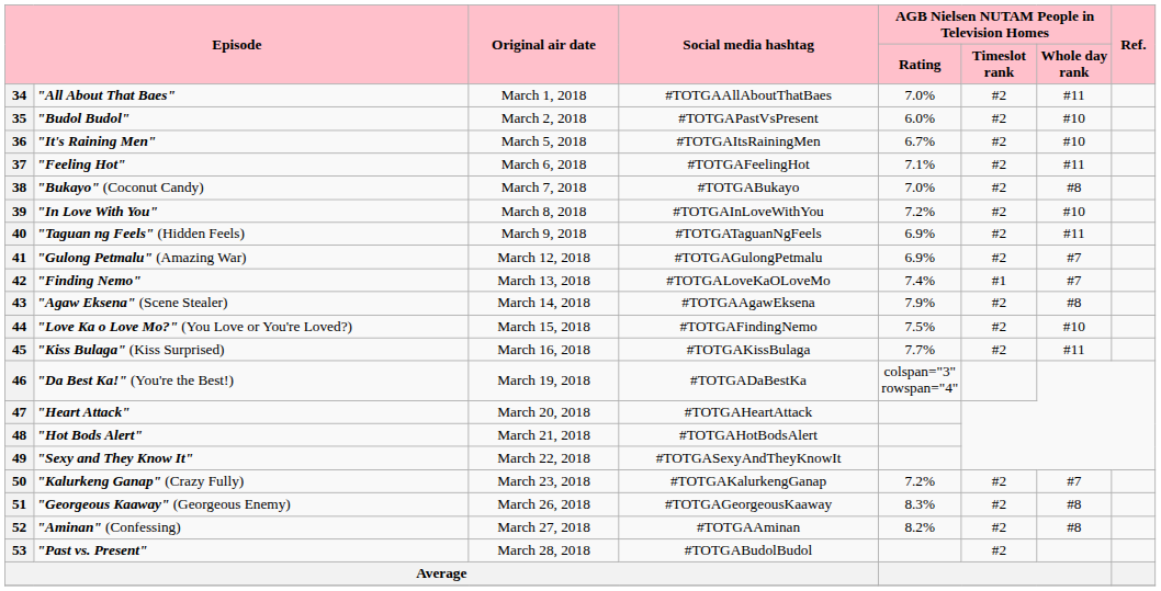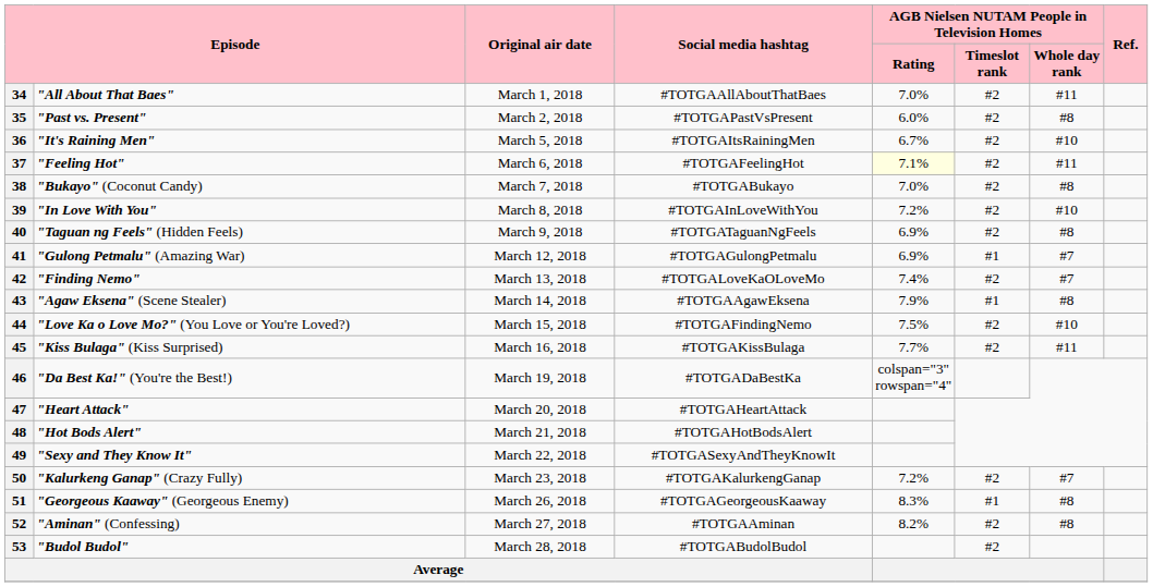 <table class="wikitable" style="text-align:center; font-size:100%; line-height:18px;" width="100%">
 <tr>
 <th style="background-color:#FFC0CB; color:#000000;" colspan="2" rowspan="2">Episode</th>
 <th style="background-color:#FFC0CB; color:black" rowspan="2">Original air date</th>
 <th style="background-color:#FFC0CB; color:black" rowspan="2">Social media hashtag</th>
 <th style="background-color:#FFC0CB; color:#000000;" colspan="3">AGB Nielsen NUTAM People in Television Homes</th>
 <th style="background-color:#FFC0CB; color:#000000;" rowspan="2">Ref.</th>
 </tr>
 <tr>
 <th style="background-color:#FFC0CB; width:75px; color:#000000;">Rating</th>
 <th style="background-color:#FFC0CB; width:75px; color:#000000;">Timeslot<br>rank</th>
 <th style="background-color:#FFC0CB; width:75px; color:#000000;">Whole day<br>rank</th>
 </tr>
 <tr>
 <th>34</th>
 <td style="text-align: left;"><strong><em>"All About That Baes"</em></strong></td>
 <td>March 1, 2018</td>
 <td>#TOTGAAllAboutThatBaes</td>
 <td>7.0%</td>
 <td>#2</td>
 <td>#11</td>
 <td></td>
 </tr>
 <tr>
 <th>35</th>
-<td style="text-align: left;"><strong><em>"Budol Budol"</em></strong></td>
+<td style="text-align: left;"><strong><em>"Past vs. Present"</em></strong></td>
 <td>March 2, 2018</td>
 <td>#TOTGAPastVsPresent</td>
 <td>6.0%</td>
 <td>#2</td>
-<td>#10</td>
+<td>#8</td>
 <td></td>
 </tr>
 <tr>
 <th>36</th>
 <td style="text-align: left;"><strong><em>"It's Raining Men"</em></strong></td>
 <td>March 5, 2018</td>
 <td>#TOTGAItsRainingMen</td>
 <td>6.7%</td>
 <td>#2</td>
 <td>#10</td>
 <td></td>
 </tr>
 <tr>
 <th>37</th>
 <td style="text-align: left;"><strong><em>"Feeling Hot"</em></strong></td>
 <td>March 6, 2018</td>
 <td>#TOTGAFeelingHot</td>
-<td>7.1%</td>
+<td style="background: lightyellow;">7.1%</td>
 <td>#2</td>
 <td>#11</td>
 <td></td>
 </tr>
 <tr>
 <th>38</th>
 <td style="text-align: left;"><strong><em>"Bukayo"</em></strong> (Coconut Candy)</td>
 <td>March 7, 2018</td>
 <td>#TOTGABukayo</td>
 <td>7.0%</td>
 <td>#2</td>
 <td>#8</td>
 <td></td>
 </tr>
 <tr>
 <th>39</th>
 <td style="text-align: left;"><strong><em>"In Love With You"</em></strong></td>
 <td>March 8, 2018</td>
 <td>#TOTGAInLoveWithYou</td>
 <td>7.2%</td>
 <td>#2</td>
 <td>#10</td>
 <td></td>
 </tr>
 <tr>
 <th>40</th>
 <td style="text-align: left;"><strong><em>"Taguan ng Feels"</em></strong> (Hidden Feels)</td>
 <td>March 9, 2018</td>
 <td>#TOTGATaguanNgFeels</td>
 <td>6.9%</td>
 <td>#2</td>
-<td>#11</td>
+<td>#8</td>
 <td></td>
 </tr>
 <tr>
 <th>41</th>
 <td style="text-align: left;"><strong><em>"Gulong Petmalu"</em></strong> (Amazing War)</td>
 <td>March 12, 2018</td>
 <td>#TOTGAGulongPetmalu</td>
 <td>6.9%</td>
-<td>#2</td>
+<td>#1</td>
 <td>#7</td>
 <td></td>
 </tr>
 <tr>
 <th>42</th>
 <td style="text-align: left;"><strong><em>"Finding Nemo"</em></strong></td>
 <td>March 13, 2018</td>
 <td>#TOTGALoveKaOLoveMo</td>
 <td>7.4%</td>
-<td>#1</td>
+<td>#2</td>
 <td>#7</td>
 <td></td>
 </tr>
 <tr>
 <th>43</th>
 <td style="text-align: left;"><strong><em>"Agaw Eksena"</em></strong> (Scene Stealer)</td>
 <td>March 14, 2018</td>
 <td>#TOTGAAgawEksena</td>
 <td>7.9%</td>
-<td>#2</td>
+<td>#1</td>
 <td>#8</td>
 <td></td>
 </tr>
 <tr>
 <th>44</th>
 <td style="text-align: left;"><strong><em>"Love Ka o Love Mo?"</em></strong> (You Love or You're Loved?)</td>
 <td>March 15, 2018</td>
 <td>#TOTGAFindingNemo</td>
 <td>7.5%</td>
 <td>#2</td>
 <td>#10</td>
 <td></td>
 </tr>
 <tr>
 <th>45</th>
 <td style="text-align: left;"><strong><em>"Kiss Bulaga"</em></strong> (Kiss Surprised)</td>
 <td>March 16, 2018</td>
 <td>#TOTGAKissBulaga</td>
 <td>7.7%</td>
 <td>#2</td>
 <td>#11</td>
 <td></td>
 </tr>
 <tr>
 <th>46</th>
 <td style="text-align: left;"><strong><em>"Da Best Ka!"</em></strong> (You're the Best!)</td>
 <td>March 19, 2018</td>
 <td>#TOTGADaBestKa</td>
 <td>colspan="3"  rowspan="4" </td>
 <td></td>
 </tr>
 <tr>
 <th>47</th>
 <td style="text-align: left;"><strong><em>"Heart Attack"</em></strong></td>
 <td>March 20, 2018</td>
 <td>#TOTGAHeartAttack</td>
 <td></td>
 </tr>
 <tr>
 <th>48</th>
 <td style="text-align: left;"><strong><em>"Hot Bods Alert"</em></strong></td>
 <td>March 21, 2018</td>
 <td>#TOTGAHotBodsAlert</td>
 <td></td>
 </tr>
 <tr>
 <th>49</th>
 <td style="text-align: left;"><strong><em>"Sexy and They Know It"</em></strong></td>
 <td>March 22, 2018</td>
 <td>#TOTGASexyAndTheyKnowIt</td>
 <td></td>
 </tr>
 <tr>
 <th>50</th>
 <td style="text-align: left;"><strong><em>"Kalurkeng Ganap"</em></strong> (Crazy Fully)</td>
 <td>March 23, 2018</td>
 <td>#TOTGAKalurkengGanap</td>
 <td>7.2%</td>
 <td>#2</td>
 <td>#7</td>
 <td></td>
 </tr>
 <tr>
 <th>51</th>
 <td style="text-align: left;"><strong><em>"Georgeous Kaaway"</em></strong> (Georgeous Enemy)</td>
 <td>March 26, 2018</td>
 <td>#TOTGAGeorgeousKaaway</td>
 <td>8.3%</td>
-<td>#2</td>
+<td>#1</td>
 <td>#8</td>
 <td></td>
 </tr>
 <tr>
 <th>52</th>
 <td style="text-align: left;"><strong><em>"Aminan"</em></strong> (Confessing)</td>
 <td>March 27, 2018</td>
 <td>#TOTGAAminan</td>
 <td>8.2%</td>
 <td>#2</td>
 <td>#8</td>
 <td></td>
 </tr>
 <tr>
 <th>53</th>
-<td style="text-align: left;"><strong><em>"Past vs. Present"</em></strong></td>
+<td style="text-align: left;"><strong><em>"Budol Budol"</em></strong></td>
 <td>March 28, 2018</td>
 <td>#TOTGABudolBudol</td>
 <td></td>
 <td>#2</td>
 <td></td>
 <td></td>
 </tr>
 <tr>
 <th colspan="4">Average</th>
 <th colspan="3"></th>
 <th></th>
 </tr>
 <tr>
 </tr>
 </table>
